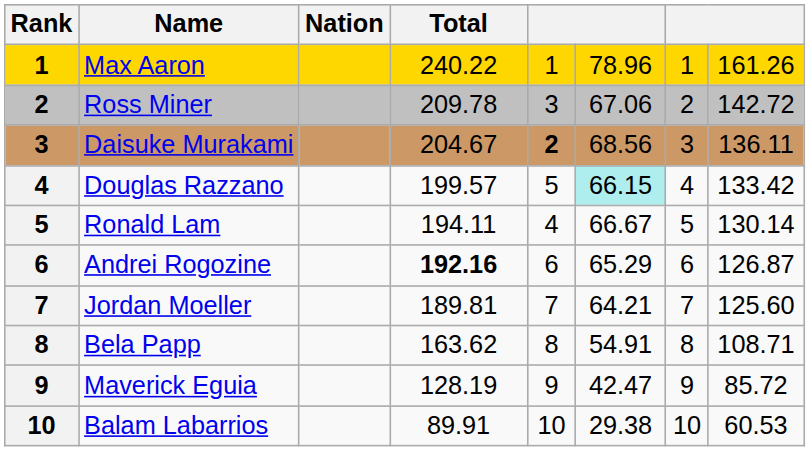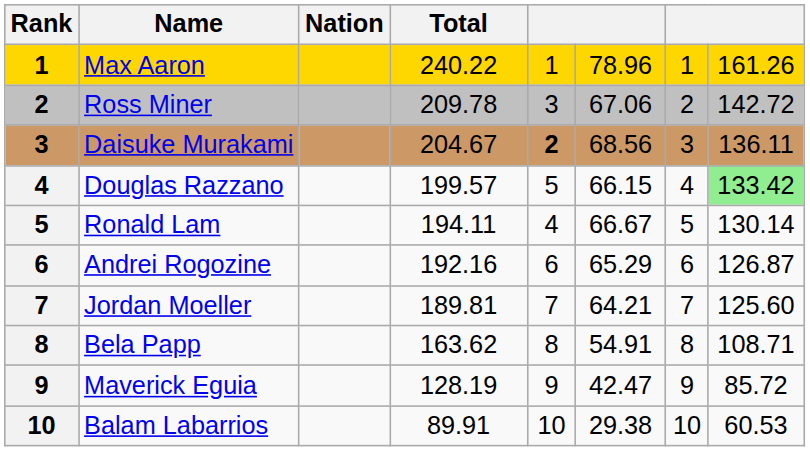 <table class="wikitable sortable">
 <tr>
 <th>Rank</th>
 <th>Name</th>
 <th>Nation</th>
 <th width="80px">Total</th>
 <th colspan="2" width="80px"></th>
 <th colspan="2" width="80px"></th>
 </tr>
 <tr bgcolor="gold">
 <td align="center"><strong>1</strong></td>
 <td><a href='#'>Max Aaron</a></td>
 <td></td>
 <td align="center">240.22</td>
 <td align="center">1</td>
 <td align="center">78.96</td>
 <td align="center">1</td>
 <td align="center">161.26</td>
 </tr>
 <tr bgcolor="silver">
 <td align="center"><strong>2</strong></td>
 <td><a href='#'>Ross Miner</a></td>
 <td></td>
 <td align="center">209.78</td>
 <td align="center">3</td>
 <td align="center">67.06</td>
 <td align="center">2</td>
 <td align="center">142.72</td>
 </tr>
 <tr bgcolor="cc9966">
 <td align="center"><strong>3</strong></td>
 <td><a href='#'>Daisuke Murakami</a></td>
 <td></td>
 <td align="center">204.67</td>
 <td align="center"><strong>2</strong></td>
 <td align="center">68.56</td>
 <td align="center">3</td>
 <td align="center">136.11</td>
 </tr>
 <tr>
 <th>4</th>
 <td><a href='#'>Douglas Razzano</a></td>
 <td></td>
 <td align="center">199.57</td>
 <td align="center">5</td>
-<td align="center" style="background: paleturquoise;">66.15</td>
+<td align="center">66.15</td>
 <td align="center">4</td>
-<td align="center">133.42</td>
+<td align="center" style="background: lightgreen;">133.42</td>
 </tr>
 <tr>
 <th>5</th>
 <td><a href='#'>Ronald Lam</a></td>
 <td></td>
 <td align="center">194.11</td>
 <td align="center">4</td>
 <td align="center">66.67</td>
 <td align="center">5</td>
 <td align="center">130.14</td>
 </tr>
 <tr>
 <th>6</th>
 <td><a href='#'>Andrei Rogozine</a></td>
 <td></td>
-<td align="center"><strong>192.16</strong></td>
+<td align="center">192.16</td>
 <td align="center">6</td>
 <td align="center">65.29</td>
 <td align="center">6</td>
 <td align="center">126.87</td>
 </tr>
 <tr>
 <th>7</th>
 <td><a href='#'>Jordan Moeller</a></td>
 <td></td>
 <td align="center">189.81</td>
 <td align="center">7</td>
 <td align="center">64.21</td>
 <td align="center">7</td>
 <td align="center">125.60</td>
 </tr>
 <tr>
 <th>8</th>
 <td><a href='#'>Bela Papp</a></td>
 <td></td>
 <td align="center">163.62</td>
 <td align="center">8</td>
 <td align="center">54.91</td>
 <td align="center">8</td>
 <td align="center">108.71</td>
 </tr>
 <tr>
 <th>9</th>
 <td><a href='#'>Maverick Eguia</a></td>
 <td></td>
 <td align="center">128.19</td>
 <td align="center">9</td>
 <td align="center">42.47</td>
 <td align="center">9</td>
 <td align="center">85.72</td>
 </tr>
 <tr>
 <th>10</th>
 <td><a href='#'>Balam Labarrios</a></td>
 <td></td>
 <td align="center">89.91</td>
 <td align="center">10</td>
 <td align="center">29.38</td>
 <td align="center">10</td>
 <td align="center">60.53</td>
 </tr>
 </table>
